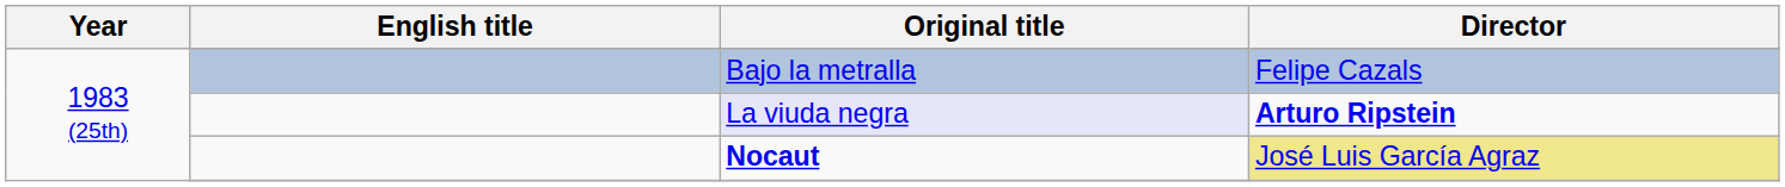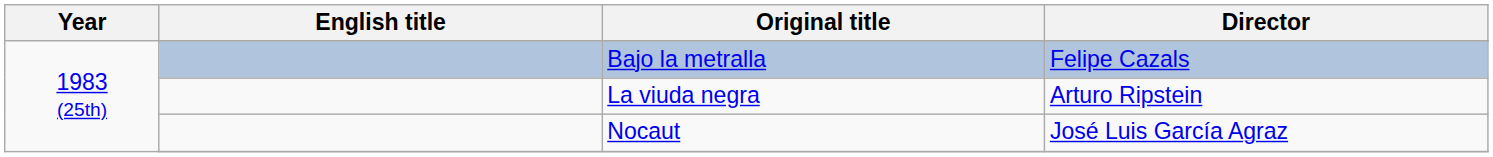 <table class="wikitable">
 <tr>
 <th width="100"><strong>Year</strong></th>
 <th width="300"><strong>English title</strong></th>
 <th width="300"><strong>Original title</strong></th>
 <th width="300"><strong>Director</strong></th>
 </tr>
 <tr>
 <td rowspan="6" style="text-align:center;"><a href='#'>1983</a><br><small><a href='#'>(25th)</a></small></td>
 </tr>
 <tr style="background:#B0C4DE;">
 <td></td>
 <td><a href='#'>Bajo la metralla</a></td>
 <td><a href='#'>Felipe Cazals</a></td>
 </tr>
 <tr>
 <td></td>
-<td style="background: lavender;"><a href='#'>La viuda negra</a></td>
-<td><strong><a href='#'>Arturo Ripstein</a></strong></td>
+<td><a href='#'>La viuda negra</a></td>
+<td><a href='#'>Arturo Ripstein</a></td>
 </tr>
 <tr>
 <td></td>
-<td><strong><a href='#'>Nocaut</a></strong></td>
-<td style="background: khaki;"><a href='#'>José Luis García Agraz</a></td>
+<td><a href='#'>Nocaut</a></td>
+<td><a href='#'>José Luis García Agraz</a></td>
 </tr>
 <tr>
 </tr>
 </table>
